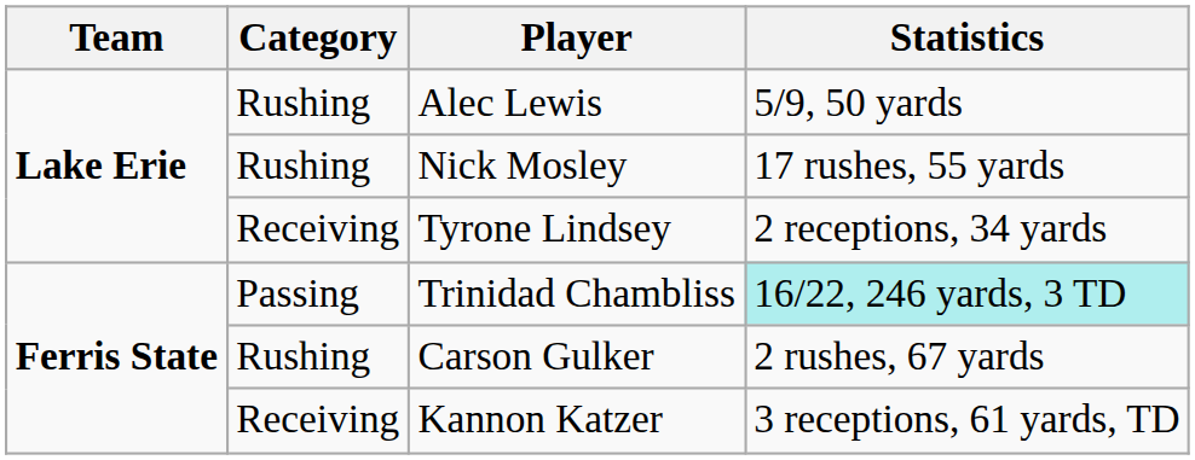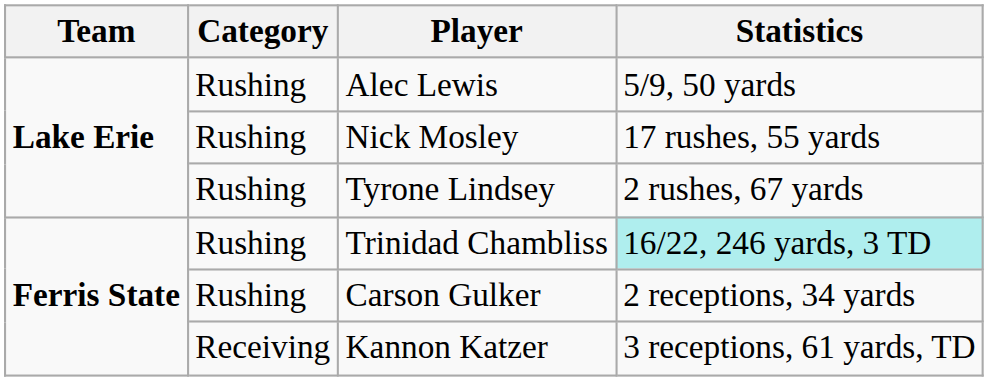 <table class="wikitable" style="float: left;">
 <tr>
 <th>Team</th>
 <th>Category</th>
 <th>Player</th>
 <th>Statistics</th>
 </tr>
 <tr>
 <td rowspan=3><strong>Lake Erie</strong></td>
 <td>Rushing</td>
 <td>Alec Lewis</td>
 <td>5/9, 50 yards</td>
 </tr>
 <tr>
 <td>Rushing</td>
 <td>Nick Mosley</td>
 <td>17 rushes, 55 yards</td>
 </tr>
 <tr>
-<td>Receiving</td>
+<td>Rushing</td>
 <td>Tyrone Lindsey</td>
-<td>2 receptions, 34 yards</td>
+<td>2 rushes, 67 yards</td>
 </tr>
 <tr>
 <td rowspan=3><strong>Ferris State</strong></td>
-<td>Passing</td>
+<td>Rushing</td>
 <td>Trinidad Chambliss</td>
 <td style="background: paleturquoise;">16/22, 246 yards, 3 TD</td>
 </tr>
 <tr>
 <td>Rushing</td>
 <td>Carson Gulker</td>
-<td>2 rushes, 67 yards</td>
+<td>2 receptions, 34 yards</td>
 </tr>
 <tr>
 <td>Receiving</td>
 <td>Kannon Katzer</td>
 <td>3 receptions, 61 yards, TD</td>
 </tr>
 </table>
